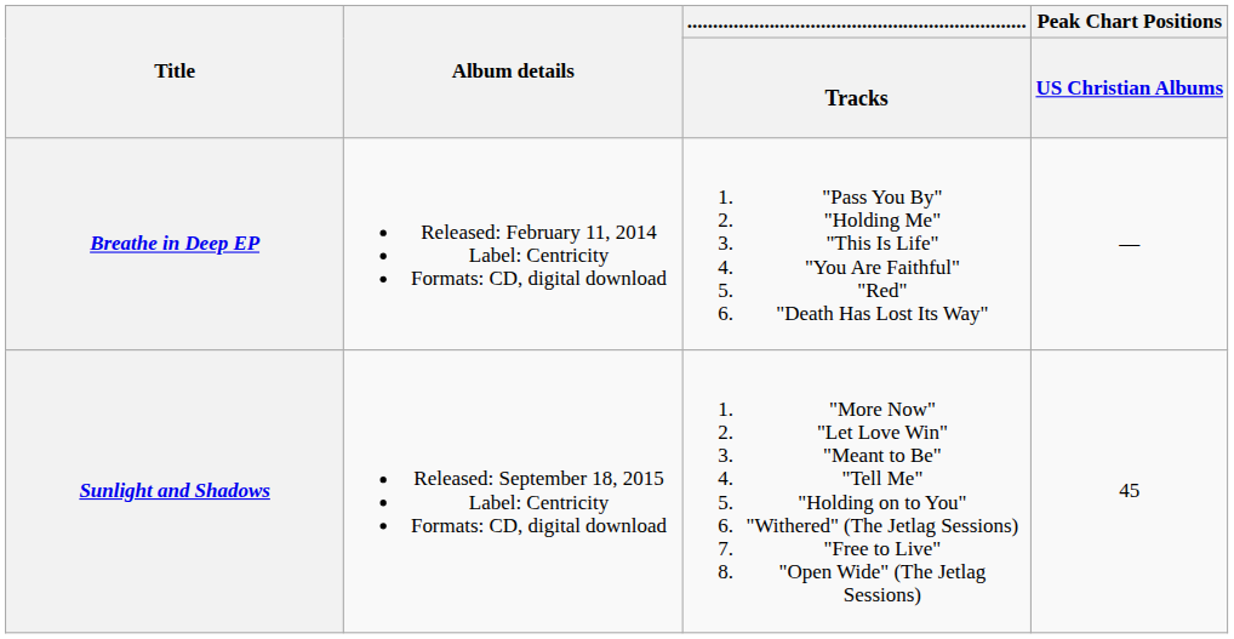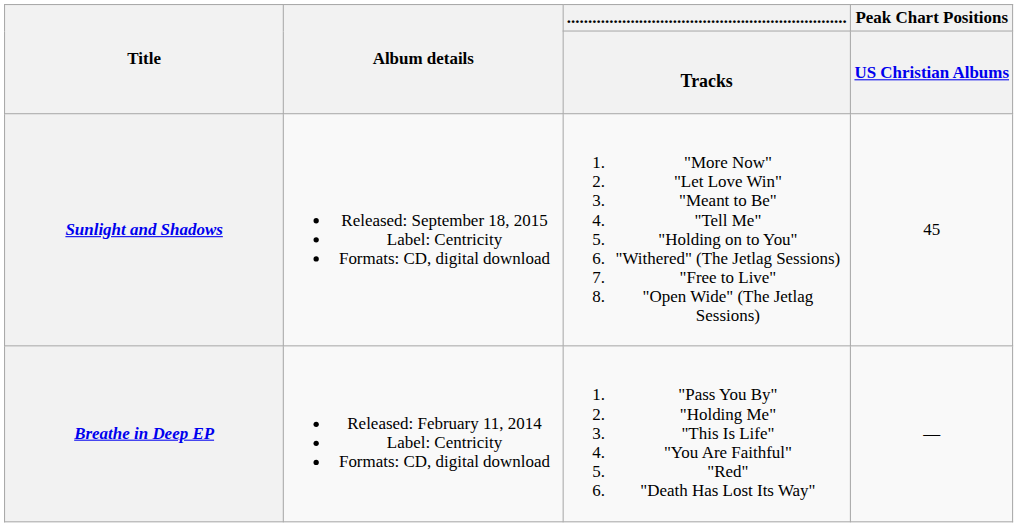 <table class="wikitable plainrowheaders" style="text-align:center;">
 <tr>
 <th scope="col" rowspan="2" style="width:16em;">Title</th>
 <th scope="col" rowspan="2" style="width:16em;">Album details</th>
 <th>..................................................................</th>
 <th scope="col">Peak Chart Positions</th>
 </tr>
 <tr>
 <th style="width:3em; font-size:90%"><br><h3>Tracks</h3></th>
 <th><a href='#'>US Christian Albums</a><br></th>
 </tr>
 <tr>
+<th scope="row"><em><a href='#'>Sunlight and Shadows</a></em></th>
+<td><br><ul><li>Released: September 18, 2015</li><li>Label: Centricity</li><li>Formats: CD, digital download</li></ul></td>
+<td><br><ol><li>"More Now"</li><li>"Let Love Win"</li><li>"Meant to Be"</li><li>"Tell Me"</li><li>"Holding on to You"</li><li>"Withered" (The Jetlag Sessions)</li><li>"Free to Live"</li><li>"Open Wide" (The Jetlag Sessions)</li></ol></td>
+<td>45</td>
+</tr>
+<tr>
 <th scope="row"><em><a href='#'>Breathe in Deep EP</a></em></th>
 <td><br><ul><li>Released: February 11, 2014</li><li>Label: Centricity</li><li>Formats: CD, digital download</li></ul></td>
 <td><br><ol><li>"Pass You By"</li><li>"Holding Me"</li><li>"This Is Life"</li><li>"You Are Faithful"</li><li>"Red"</li><li>"Death Has Lost Its Way"</li></ol></td>
 <td>—</td>
 </tr>
-<tr>
-<th scope="row"><em><a href='#'>Sunlight and Shadows</a></em></th>
-<td><br><ul><li>Released: September 18, 2015</li><li>Label: Centricity</li><li>Formats: CD, digital download</li></ul></td>
-<td><br><ol><li>"More Now"</li><li>"Let Love Win"</li><li>"Meant to Be"</li><li>"Tell Me"</li><li>"Holding on to You"</li><li>"Withered" (The Jetlag Sessions)</li><li>"Free to Live"</li><li>"Open Wide" (The Jetlag Sessions)</li></ol></td>
-<td>45</td>
-</tr>
 </table>
